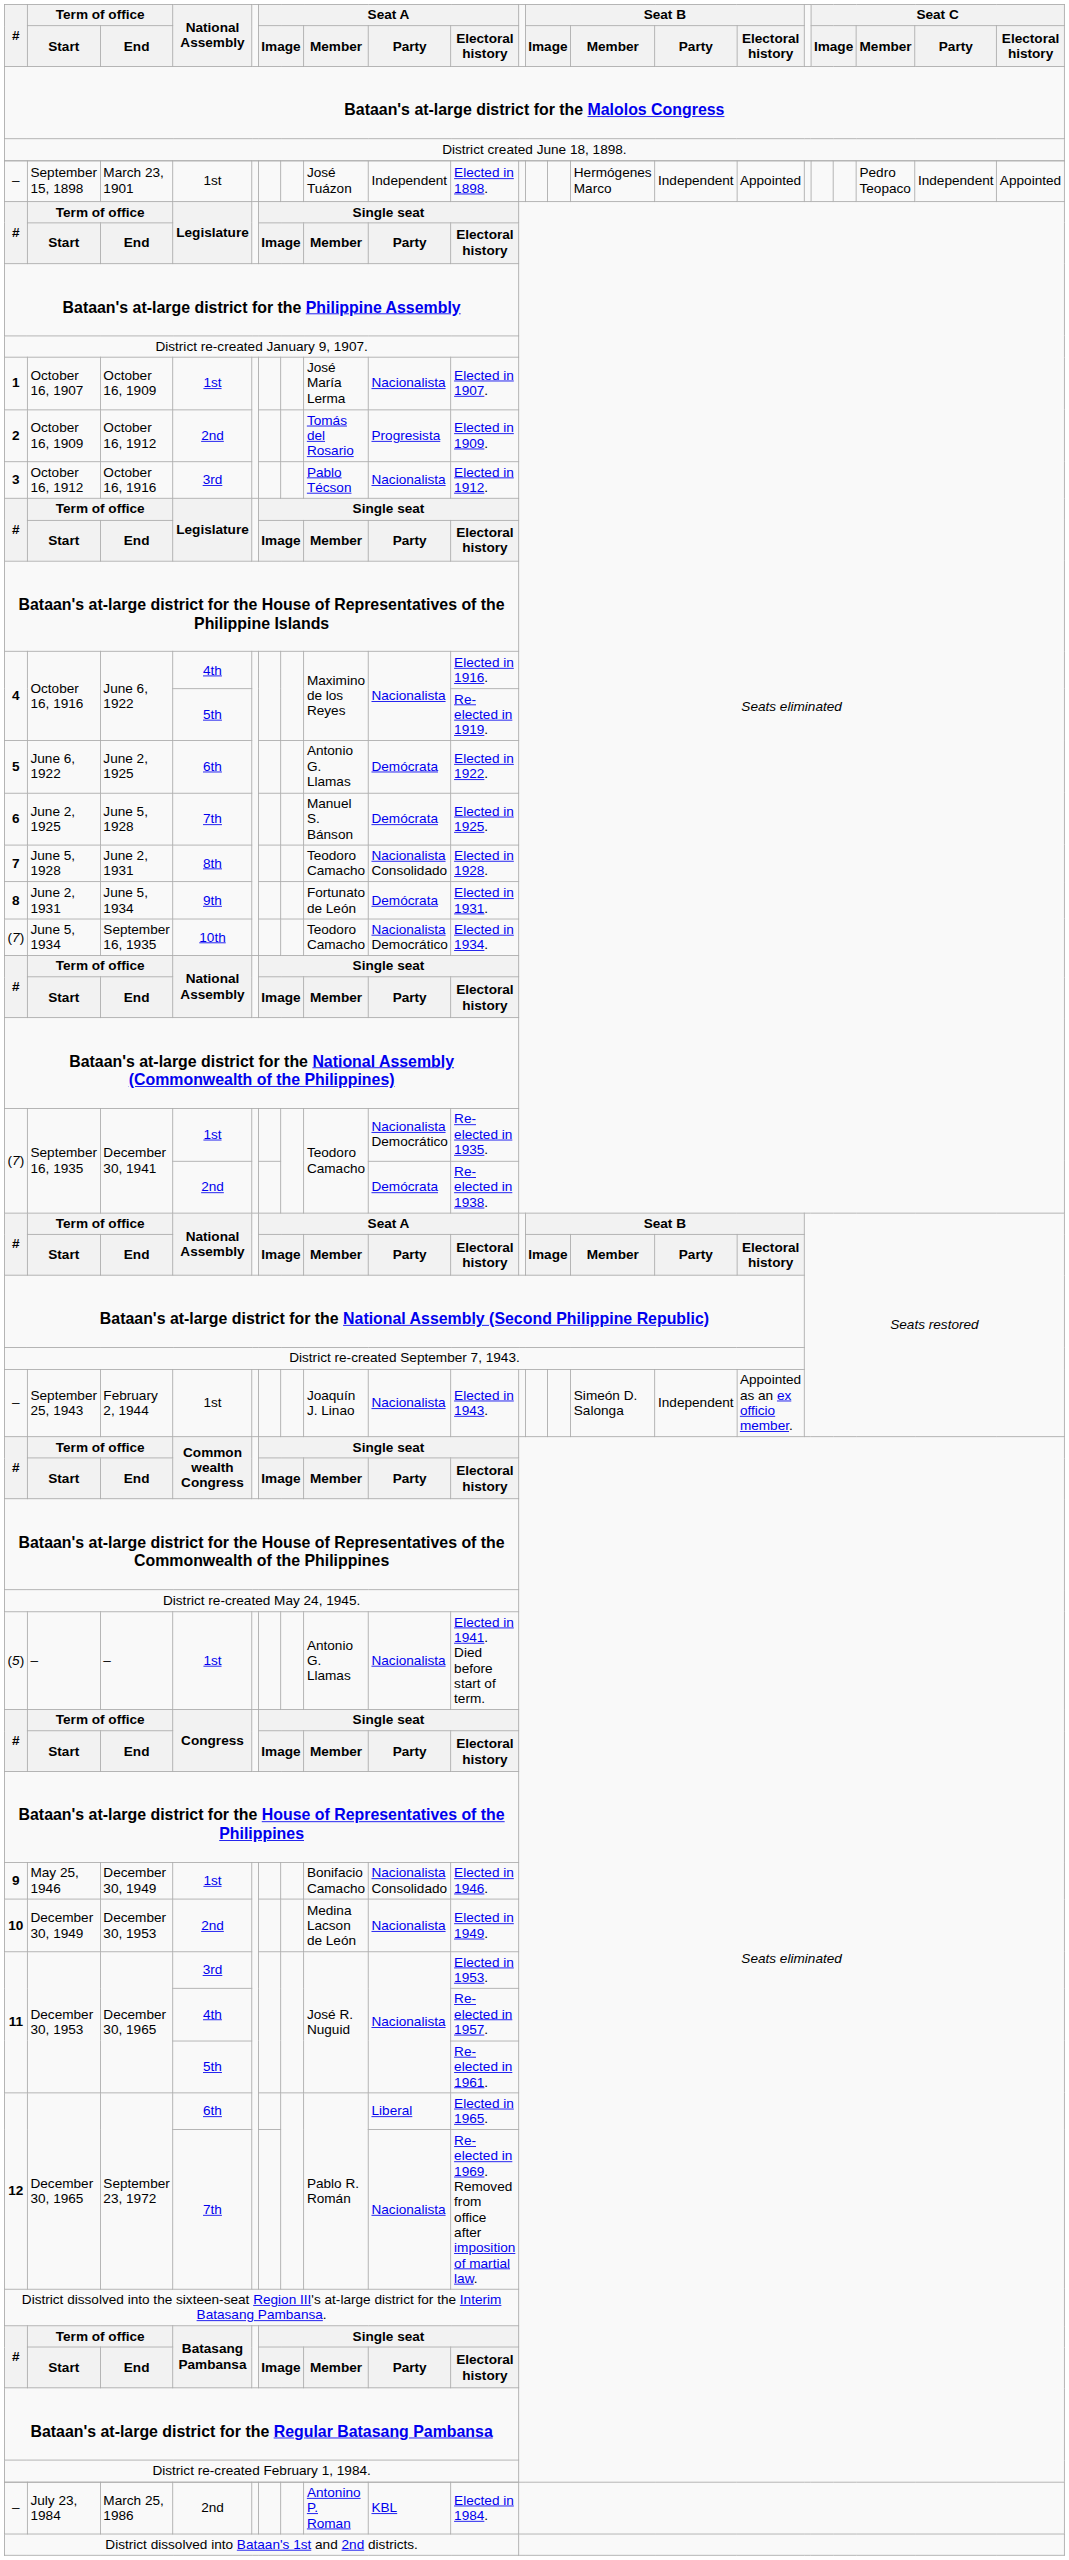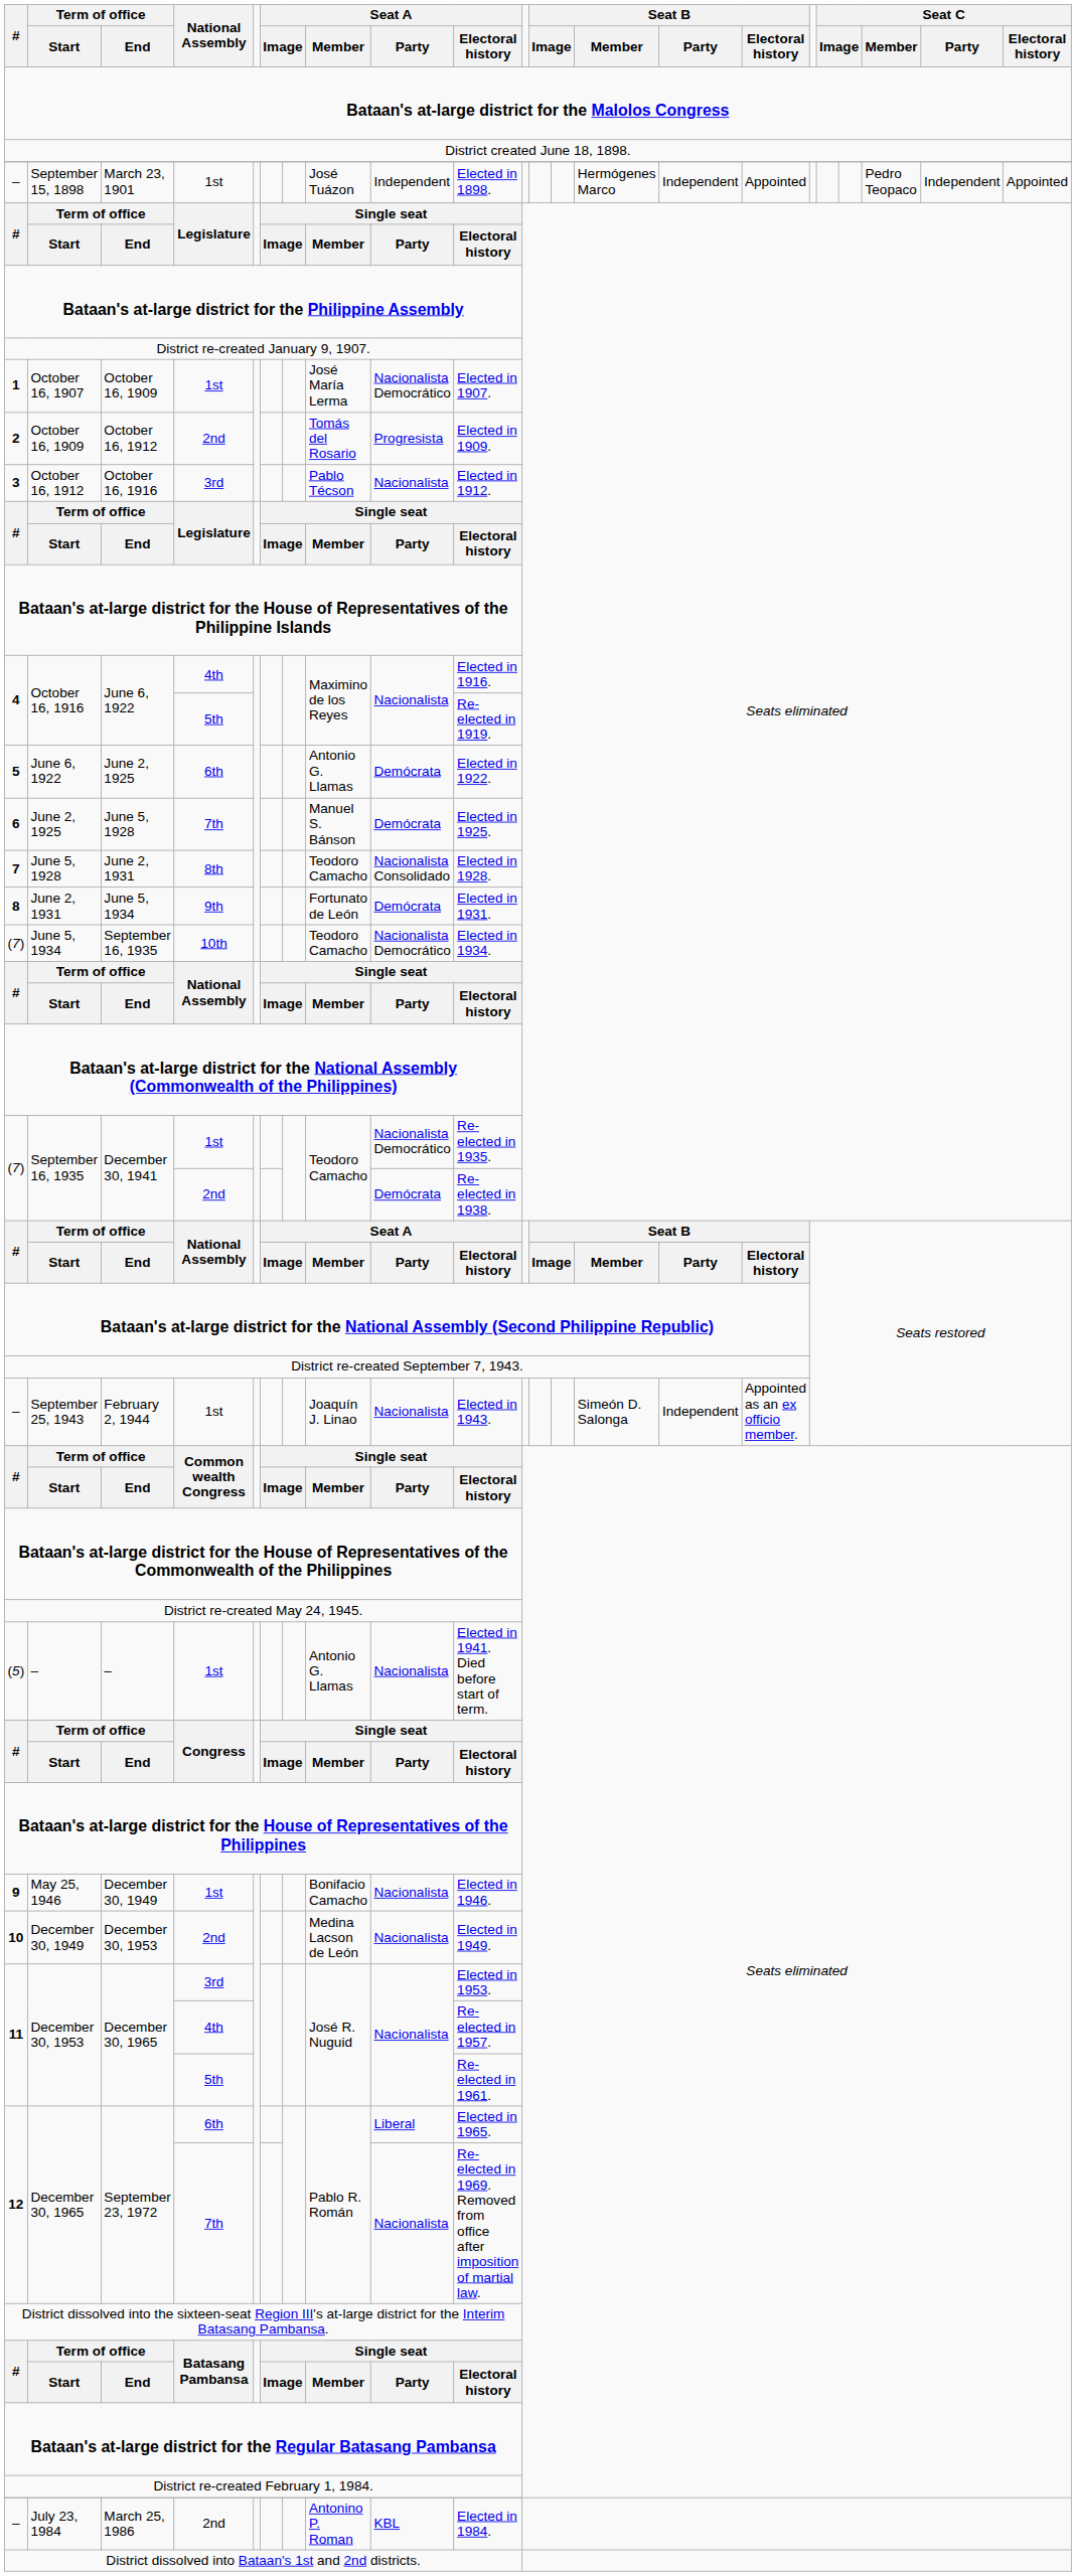 <table class=wikitable>
 <tr>
 <th rowspan=2>#</th>
 <th colspan=2>Term of office</th>
 <th rowspan=2>National<br>Assembly</th>
 <td rowspan=2></td>
 <th colspan=5>Seat A</th>
 <td rowspan=2></td>
 <th colspan=5>Seat B</th>
 <td rowspan=2></td>
 <th colspan=5>Seat C</th>
 </tr>
 <tr style="height:3em">
 <th>Start</th>
 <th>End</th>
 <th colspan="2" style="text-align:center;">Image</th>
 <th>Member</th>
 <th>Party</th>
 <th>Electoral history</th>
 <th colspan="2" style="text-align:center;">Image</th>
 <th>Member</th>
 <th>Party</th>
 <th>Electoral history</th>
 <th colspan="2" style="text-align:center;">Image</th>
 <th>Member</th>
 <th>Party</th>
 <th>Electoral history</th>
 </tr>
 <tr>
 <td colspan="22" style="text-align:center;"><br><h3>Bataan's at-large district for the <a href='#'>Malolos Congress</a></h3></td>
 </tr>
 <tr>
 <td colspan="22" style="text-align:center;">District created June 18, 1898.</td>
 </tr>
 <tr>
 </tr>
 <tr style="height:3em">
 <td style="text-align:center;">–</td>
 <td>September 15, 1898</td>
 <td>March 23, 1901</td>
 <td style="text-align:center;">1st</td>
 <td></td>
 <td style="color:inherit;background:"></td>
 <td></td>
 <td>José Tuázon</td>
 <td>Independent</td>
 <td><a href='#'>Elected in 1898</a>.</td>
 <td></td>
 <td style="color:inherit;background:"></td>
 <td></td>
 <td>Hermógenes Marco</td>
 <td>Independent</td>
 <td>Appointed</td>
 <td></td>
 <td style="color:inherit;background:"></td>
 <td></td>
 <td>Pedro Teopaco</td>
 <td>Independent</td>
 <td>Appointed</td>
 </tr>
 <tr>
 <th rowspan=2>#</th>
 <th colspan=2>Term of office</th>
 <th rowspan=2>Legislature</th>
 <td rowspan=2></td>
 <th colspan=5>Single seat</th>
 <td rowspan=22 colspan=12 style="text-align:center;"><em>Seats eliminated</em></td>
 </tr>
 <tr style="height:3em">
 <th>Start</th>
 <th>End</th>
 <th colspan="2" style="text-align:center;">Image</th>
 <th>Member</th>
 <th>Party</th>
 <th>Electoral history</th>
 </tr>
 <tr>
 <td colspan="10" style="text-align:center;"><br><h3>Bataan's at-large district for the <a href='#'>Philippine Assembly</a></h3></td>
 </tr>
 <tr>
 <td colspan="10" style="text-align:center;">District re-created January 9, 1907.</td>
 </tr>
 <tr>
 <td style="text-align:center;"><strong>1</strong></td>
 <td>October 16, 1907</td>
 <td>October 16, 1909</td>
 <td style="text-align:center;"><a href='#'>1st</a></td>
 <td rowspan="3"></td>
 <td style="color:inherit;background:"></td>
 <td></td>
 <td>José María Lerma</td>
-<td><a href='#'>Nacionalista</a></td>
+<td><a href='#'>Nacionalista</a><br>Democrático</td>
 <td><a href='#'>Elected in 1907</a>.</td>
 </tr>
 <tr>
 <td style="text-align:center;"><strong>2</strong></td>
 <td>October 16, 1909</td>
 <td>October 16, 1912</td>
 <td style="text-align:center;"><a href='#'>2nd</a></td>
 <td style="color:inherit;background:"></td>
 <td></td>
 <td><a href='#'>Tomás del Rosario</a></td>
 <td><a href='#'>Progresista</a></td>
 <td><a href='#'>Elected in 1909</a>.</td>
 </tr>
 <tr>
 <td style="text-align:center;"><strong>3</strong></td>
 <td>October 16, 1912</td>
 <td>October 16, 1916</td>
 <td style="text-align:center;"><a href='#'>3rd</a></td>
 <td style="color:inherit;background:"></td>
 <td></td>
 <td><a href='#'>Pablo Técson</a></td>
 <td><a href='#'>Nacionalista</a></td>
 <td><a href='#'>Elected in 1912</a>.</td>
 </tr>
 <tr>
 <th rowspan=2>#</th>
 <th colspan=2>Term of office</th>
 <th rowspan=2>Legislature</th>
 <td rowspan=2></td>
 <th colspan=5>Single seat</th>
 </tr>
 <tr style="height:3em">
 <th>Start</th>
 <th>End</th>
 <th colspan="2" style="text-align:center;">Image</th>
 <th>Member</th>
 <th>Party</th>
 <th>Electoral history</th>
 </tr>
 <tr>
 <td colspan="10" style="text-align:center;"><br><h3>Bataan's at-large district for the House of Representatives of the Philippine Islands</h3></td>
 </tr>
 <tr>
 <td rowspan="2" style="text-align:center;"><strong>4</strong></td>
 <td rowspan="2">October 16, 1916</td>
 <td rowspan="2">June 6, 1922</td>
 <td style="text-align:center;"><a href='#'>4th</a></td>
 <td rowspan=7></td>
 <td rowspan="2" style="color:inherit;background:"></td>
 <td rowspan="2"></td>
 <td rowspan="2">Maximino de los Reyes</td>
 <td rowspan="2"><a href='#'>Nacionalista</a></td>
 <td><a href='#'>Elected in 1916</a>.</td>
 </tr>
 <tr>
 <td style="text-align:center;"><a href='#'>5th</a></td>
 <td><a href='#'>Re-elected in 1919</a>.</td>
 </tr>
 <tr>
 <td style="text-align:center;"><strong>5</strong></td>
 <td>June 6, 1922</td>
 <td>June 2, 1925</td>
 <td style="text-align:center;"><a href='#'>6th</a></td>
 <td style="color:inherit;background:"></td>
 <td></td>
 <td>Antonio G. Llamas</td>
 <td><a href='#'>Demócrata</a></td>
 <td><a href='#'>Elected in 1922</a>.</td>
 </tr>
 <tr>
 <td style="text-align:center;"><strong>6</strong></td>
 <td>June 2, 1925</td>
 <td>June 5, 1928</td>
 <td style="text-align:center;"><a href='#'>7th</a></td>
 <td style="color:inherit;background:"></td>
 <td></td>
 <td>Manuel S. Bánson</td>
 <td><a href='#'>Demócrata</a></td>
 <td><a href='#'>Elected in 1925</a>.</td>
 </tr>
 <tr>
 <td style="text-align:center;"><strong>7</strong></td>
 <td>June 5, 1928</td>
 <td>June 2, 1931</td>
 <td style="text-align:center;"><a href='#'>8th</a></td>
 <td style="color:inherit;background:"></td>
 <td></td>
 <td>Teodoro Camacho</td>
 <td><a href='#'>Nacionalista</a><br>Consolidado</td>
 <td><a href='#'>Elected in 1928</a>.</td>
 </tr>
 <tr>
 <td style="text-align:center;"><strong>8</strong></td>
 <td>June 2, 1931</td>
 <td>June 5, 1934</td>
 <td style="text-align:center;"><a href='#'>9th</a></td>
 <td style="color:inherit;background:"></td>
 <td></td>
 <td>Fortunato de León</td>
 <td><a href='#'>Demócrata</a></td>
 <td><a href='#'>Elected in 1931</a>.</td>
 </tr>
 <tr>
 <td style="text-align:center;">(<em>7</em>)</td>
 <td>June 5, 1934</td>
 <td>September 16, 1935</td>
 <td style="text-align:center;"><a href='#'>10th</a></td>
 <td style="color:inherit;background:"></td>
 <td></td>
 <td>Teodoro Camacho</td>
 <td><a href='#'>Nacionalista</a><br>Democrático</td>
 <td><a href='#'>Elected in 1934</a>.</td>
 </tr>
 <tr>
 <th rowspan=2>#</th>
 <th colspan=2>Term of office</th>
 <th rowspan=2>National<br>Assembly</th>
 <td rowspan=2></td>
 <th colspan=5>Single seat</th>
 </tr>
 <tr style="height:3em">
 <th>Start</th>
 <th>End</th>
 <th colspan="2" style="text-align:center;">Image</th>
 <th>Member</th>
 <th>Party</th>
 <th>Electoral history</th>
 </tr>
 <tr>
 <td colspan="10" style="text-align:center;"><br><h3>Bataan's at-large district for the <a href='#'>National Assembly (Commonwealth of the Philippines)</a></h3></td>
 </tr>
 <tr>
 <td rowspan="2" style="text-align:center;">(<em>7</em>)</td>
 <td rowspan="2">September 16, 1935</td>
 <td rowspan="2">December 30, 1941</td>
 <td style="text-align:center;"><a href='#'>1st</a></td>
 <td rowspan=2></td>
 <td style="color:inherit;background:"></td>
 <td rowspan="2"></td>
 <td rowspan="2">Teodoro Camacho</td>
 <td><a href='#'>Nacionalista</a><br>Democrático</td>
 <td><a href='#'>Re-elected in 1935</a>.</td>
 </tr>
 <tr>
 <td style="text-align:center;"><a href='#'>2nd</a></td>
 <td style="color:inherit;background:"></td>
 <td><a href='#'>Demócrata</a></td>
 <td><a href='#'>Re-elected in 1938</a>.</td>
 </tr>
 <tr>
 <th rowspan=2>#</th>
 <th colspan=2>Term of office</th>
 <th rowspan=2>National<br>Assembly</th>
 <td rowspan=2></td>
 <th colspan=5>Seat A</th>
 <td rowspan=2></td>
 <th colspan=5>Seat B</th>
 <td rowspan=5 colspan=7 style="text-align:center;"><em>Seats restored</em></td>
 </tr>
 <tr style="height:3em">
 <th>Start</th>
 <th>End</th>
 <th colspan="2" style="text-align:center;">Image</th>
 <th>Member</th>
 <th>Party</th>
 <th>Electoral history</th>
 <th colspan="2" style="text-align:center;">Image</th>
 <th>Member</th>
 <th>Party</th>
 <th>Electoral history</th>
 </tr>
 <tr>
 <td colspan="16" style="text-align:center;"><br><h3>Bataan's at-large district for the <a href='#'>National Assembly (Second Philippine Republic)</a></h3></td>
 </tr>
 <tr>
 <td colspan="16" style="text-align:center;">District re-created September 7, 1943.</td>
 </tr>
 <tr>
 <td style="text-align:center;">–</td>
 <td>September 25, 1943</td>
 <td>February 2, 1944</td>
 <td style="text-align:center;">1st</td>
 <td></td>
 <td style="color:inherit;background:"></td>
 <td></td>
 <td>Joaquín J. Linao</td>
 <td><a href='#'>Nacionalista</a></td>
 <td><a href='#'>Elected in 1943</a>.</td>
 <td></td>
 <td style="color:inherit;background:"></td>
 <td></td>
 <td>Simeón D. Salonga</td>
 <td>Independent</td>
 <td>Appointed as an <a href='#'>ex officio member</a>.</td>
 </tr>
 <tr>
 <th rowspan=2>#</th>
 <th colspan=2>Term of office</th>
 <th rowspan=2>Common<br>wealth<br>Congress</th>
 <td rowspan=2></td>
 <th colspan=5>Single seat</th>
 <td rowspan=21 colspan=12 style="text-align:center;"><em>Seats eliminated</em></td>
 </tr>
 <tr style="height:3em">
 <th>Start</th>
 <th>End</th>
 <th colspan="2" style="text-align:center;">Image</th>
 <th>Member</th>
 <th>Party</th>
 <th>Electoral history</th>
 </tr>
 <tr>
 <td colspan="10" style="text-align:center;"><br><h3>Bataan's at-large district for the House of Representatives of the Commonwealth of the Philippines</h3></td>
 </tr>
 <tr>
 <td colspan="10" style="text-align:center;">District re-created May 24, 1945.</td>
 </tr>
 <tr>
 <td style="text-align:center;">(<em>5</em>)</td>
 <td>–</td>
 <td>–</td>
 <td style="text-align:center;"><a href='#'>1st</a></td>
 <td></td>
 <td style="color:inherit;background:"></td>
 <td></td>
 <td>Antonio G. Llamas</td>
 <td><a href='#'>Nacionalista</a></td>
 <td><a href='#'>Elected in 1941</a>.<br>Died before start of term.</td>
 </tr>
 <tr>
 <th rowspan=2>#</th>
 <th colspan=2>Term of office</th>
 <th rowspan=2>Congress</th>
 <td rowspan=2></td>
 <th colspan=5>Single seat</th>
 </tr>
 <tr style="height:3em">
 <th>Start</th>
 <th>End</th>
 <th colspan="2" style="text-align:center;">Image</th>
 <th>Member</th>
 <th>Party</th>
 <th>Electoral history</th>
 </tr>
 <tr>
 <td colspan="10" style="text-align:center;"><br><h3>Bataan's at-large district for the <a href='#'>House of Representatives of the Philippines</a></h3></td>
 </tr>
 <tr>
 <td style="text-align:center;"><strong>9</strong></td>
 <td>May 25, 1946</td>
 <td>December 30, 1949</td>
 <td style="text-align:center;"><a href='#'>1st</a></td>
 <td rowspan=7></td>
 <td style="color:inherit;background:"></td>
 <td></td>
 <td>Bonifacio Camacho</td>
-<td><a href='#'>Nacionalista</a><br>Consolidado</td>
+<td><a href='#'>Nacionalista</a></td>
 <td><a href='#'>Elected in 1946</a>.</td>
 </tr>
 <tr>
 <td style="text-align:center;"><strong>10</strong></td>
 <td>December 30, 1949</td>
 <td>December 30, 1953</td>
 <td style="text-align:center;"><a href='#'>2nd</a></td>
 <td style="color:inherit;background:"></td>
 <td></td>
 <td>Medina Lacson de León</td>
 <td><a href='#'>Nacionalista</a></td>
 <td><a href='#'>Elected in 1949</a>.</td>
 </tr>
 <tr>
 <td rowspan="3" style="text-align:center;"><strong>11</strong></td>
 <td rowspan="3">December 30, 1953</td>
 <td rowspan="3">December 30, 1965</td>
 <td style="text-align:center;"><a href='#'>3rd</a></td>
 <td rowspan="3" style="color:inherit;background:"></td>
 <td rowspan="3"></td>
 <td rowspan="3">José R. Nuguid</td>
 <td rowspan="3"><a href='#'>Nacionalista</a></td>
 <td><a href='#'>Elected in 1953</a>.</td>
 </tr>
 <tr>
 <td style="text-align:center;"><a href='#'>4th</a></td>
 <td><a href='#'>Re-elected in 1957</a>.</td>
 </tr>
 <tr>
 <td style="text-align:center;"><a href='#'>5th</a></td>
 <td><a href='#'>Re-elected in 1961</a>.</td>
 </tr>
 <tr>
 <td rowspan="2" style="text-align:center;"><strong>12</strong></td>
 <td rowspan="2">December 30, 1965</td>
 <td rowspan="2">September 23, 1972</td>
 <td style="text-align:center;"><a href='#'>6th</a></td>
 <td style="color:inherit;background:"></td>
 <td rowspan="2"></td>
 <td rowspan="2">Pablo R. Román</td>
 <td><a href='#'>Liberal</a></td>
 <td><a href='#'>Elected in 1965</a>.</td>
 </tr>
 <tr>
 <td style="text-align:center;"><a href='#'>7th</a></td>
 <td style="color:inherit;background:"></td>
 <td><a href='#'>Nacionalista</a></td>
 <td><a href='#'>Re-elected in 1969</a>.<br>Removed from office after <a href='#'>imposition of martial law</a>.</td>
 </tr>
 <tr>
 <td colspan="10" style="text-align:center;">District dissolved into the sixteen-seat <a href='#'>Region III</a>'s at-large district for the <a href='#'>Interim Batasang Pambansa</a>.</td>
 </tr>
 <tr>
 <th rowspan=2>#</th>
 <th colspan=2>Term of office</th>
 <th rowspan=2>Batasang<br>Pambansa</th>
 <td rowspan=2></td>
 <th colspan=5>Single seat</th>
 </tr>
 <tr style="height:3em">
 <th>Start</th>
 <th>End</th>
 <th colspan="2" style="text-align:center;">Image</th>
 <th>Member</th>
 <th>Party</th>
 <th>Electoral history</th>
 </tr>
 <tr>
 <td colspan="10" style="text-align:center;"><br><h3>Bataan's at-large district for the <a href='#'>Regular Batasang Pambansa</a></h3></td>
 </tr>
 <tr>
 <td colspan="10" style="text-align:center;">District re-created February 1, 1984.</td>
 </tr>
 <tr>
 </tr>
 <tr style="height:3em">
 <td style="text-align:center;">–</td>
 <td>July 23, 1984</td>
 <td>March 25, 1986</td>
 <td style="text-align:center;">2nd</td>
 <td></td>
 <td style="color:inherit;background:"></td>
 <td></td>
 <td><a href='#'>Antonino P. Roman</a></td>
 <td><a href='#'>KBL</a></td>
 <td><a href='#'>Elected in 1984</a>.</td>
 </tr>
 <tr>
 <td colspan="10" style="text-align:center;">District dissolved into <a href='#'>Bataan's 1st</a> and <a href='#'>2nd</a> districts.</td>
 <td colspan="15"></td>
 </tr>
 </table>
